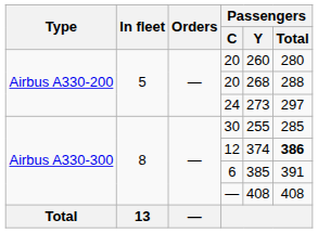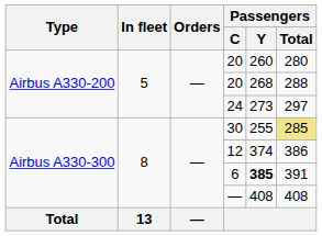 <table class="wikitable" style="border-collapse:collapse;text-align:center;margin:auto;">
 <tr>
 <th rowspan=2>Type</th>
 <th rowspan=2>In fleet</th>
 <th rowspan=2>Orders</th>
 <th colspan=3>Passengers</th>
 </tr>
 <tr>
 <th><abbr>C</abbr></th>
 <th><abbr>Y</abbr></th>
 <th>Total</th>
 </tr>
 <tr>
 <td rowspan=3><a href='#'>Airbus A330-200</a></td>
 <td rowspan=3>5</td>
 <td rowspan=3>—</td>
 <td>20</td>
 <td>260</td>
 <td>280</td>
 </tr>
 <tr>
 <td>20</td>
 <td>268</td>
 <td>288</td>
 </tr>
 <tr>
 <td>24</td>
 <td>273</td>
 <td>297</td>
 </tr>
 <tr>
 <td rowspan=4><a href='#'>Airbus A330-300</a></td>
 <td rowspan=4>8</td>
 <td rowspan=4>—</td>
 <td>30</td>
 <td>255</td>
-<td>285</td>
+<td style="background: khaki;">285</td>
 </tr>
 <tr>
 <td>12</td>
 <td>374</td>
-<td><strong>386</strong></td>
+<td>386</td>
 </tr>
 <tr>
 <td>6</td>
-<td>385</td>
+<td><strong>385</strong></td>
 <td>391</td>
 </tr>
 <tr>
 <td>—</td>
 <td>408</td>
 <td>408</td>
 </tr>
 <tr>
 <th>Total</th>
 <th>13</th>
 <th>—</th>
 <th colspan=3></th>
 </tr>
 </table>
